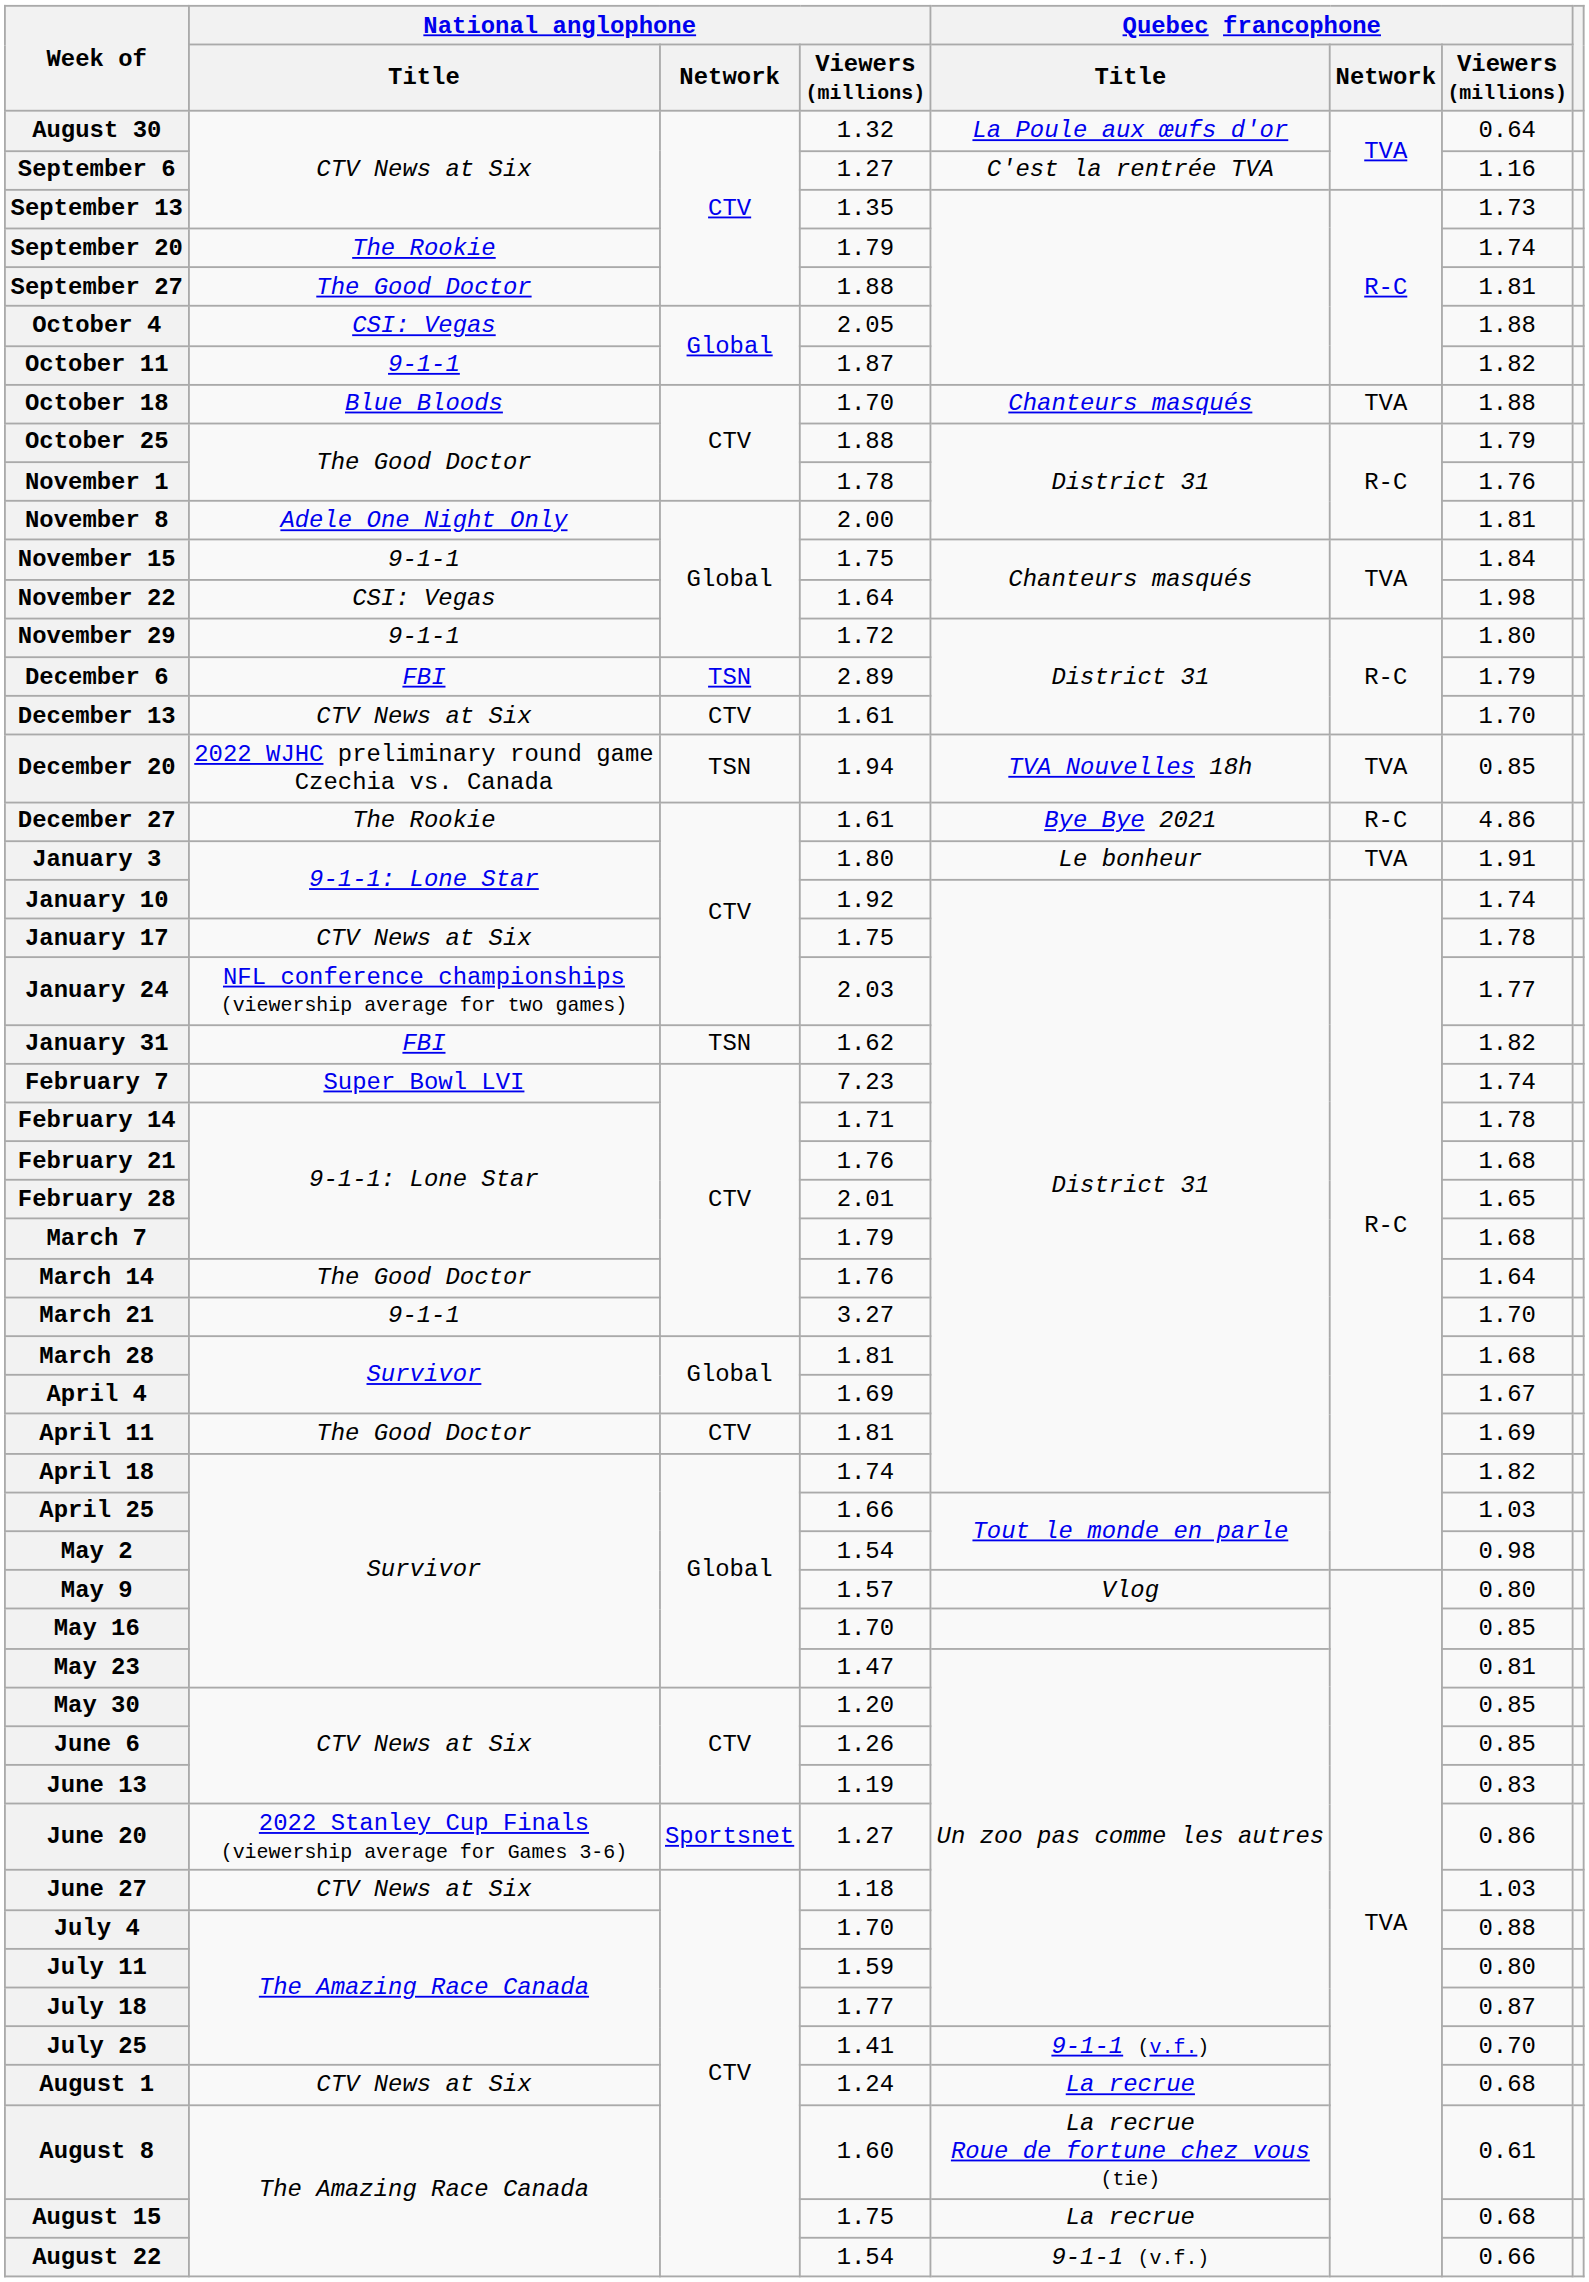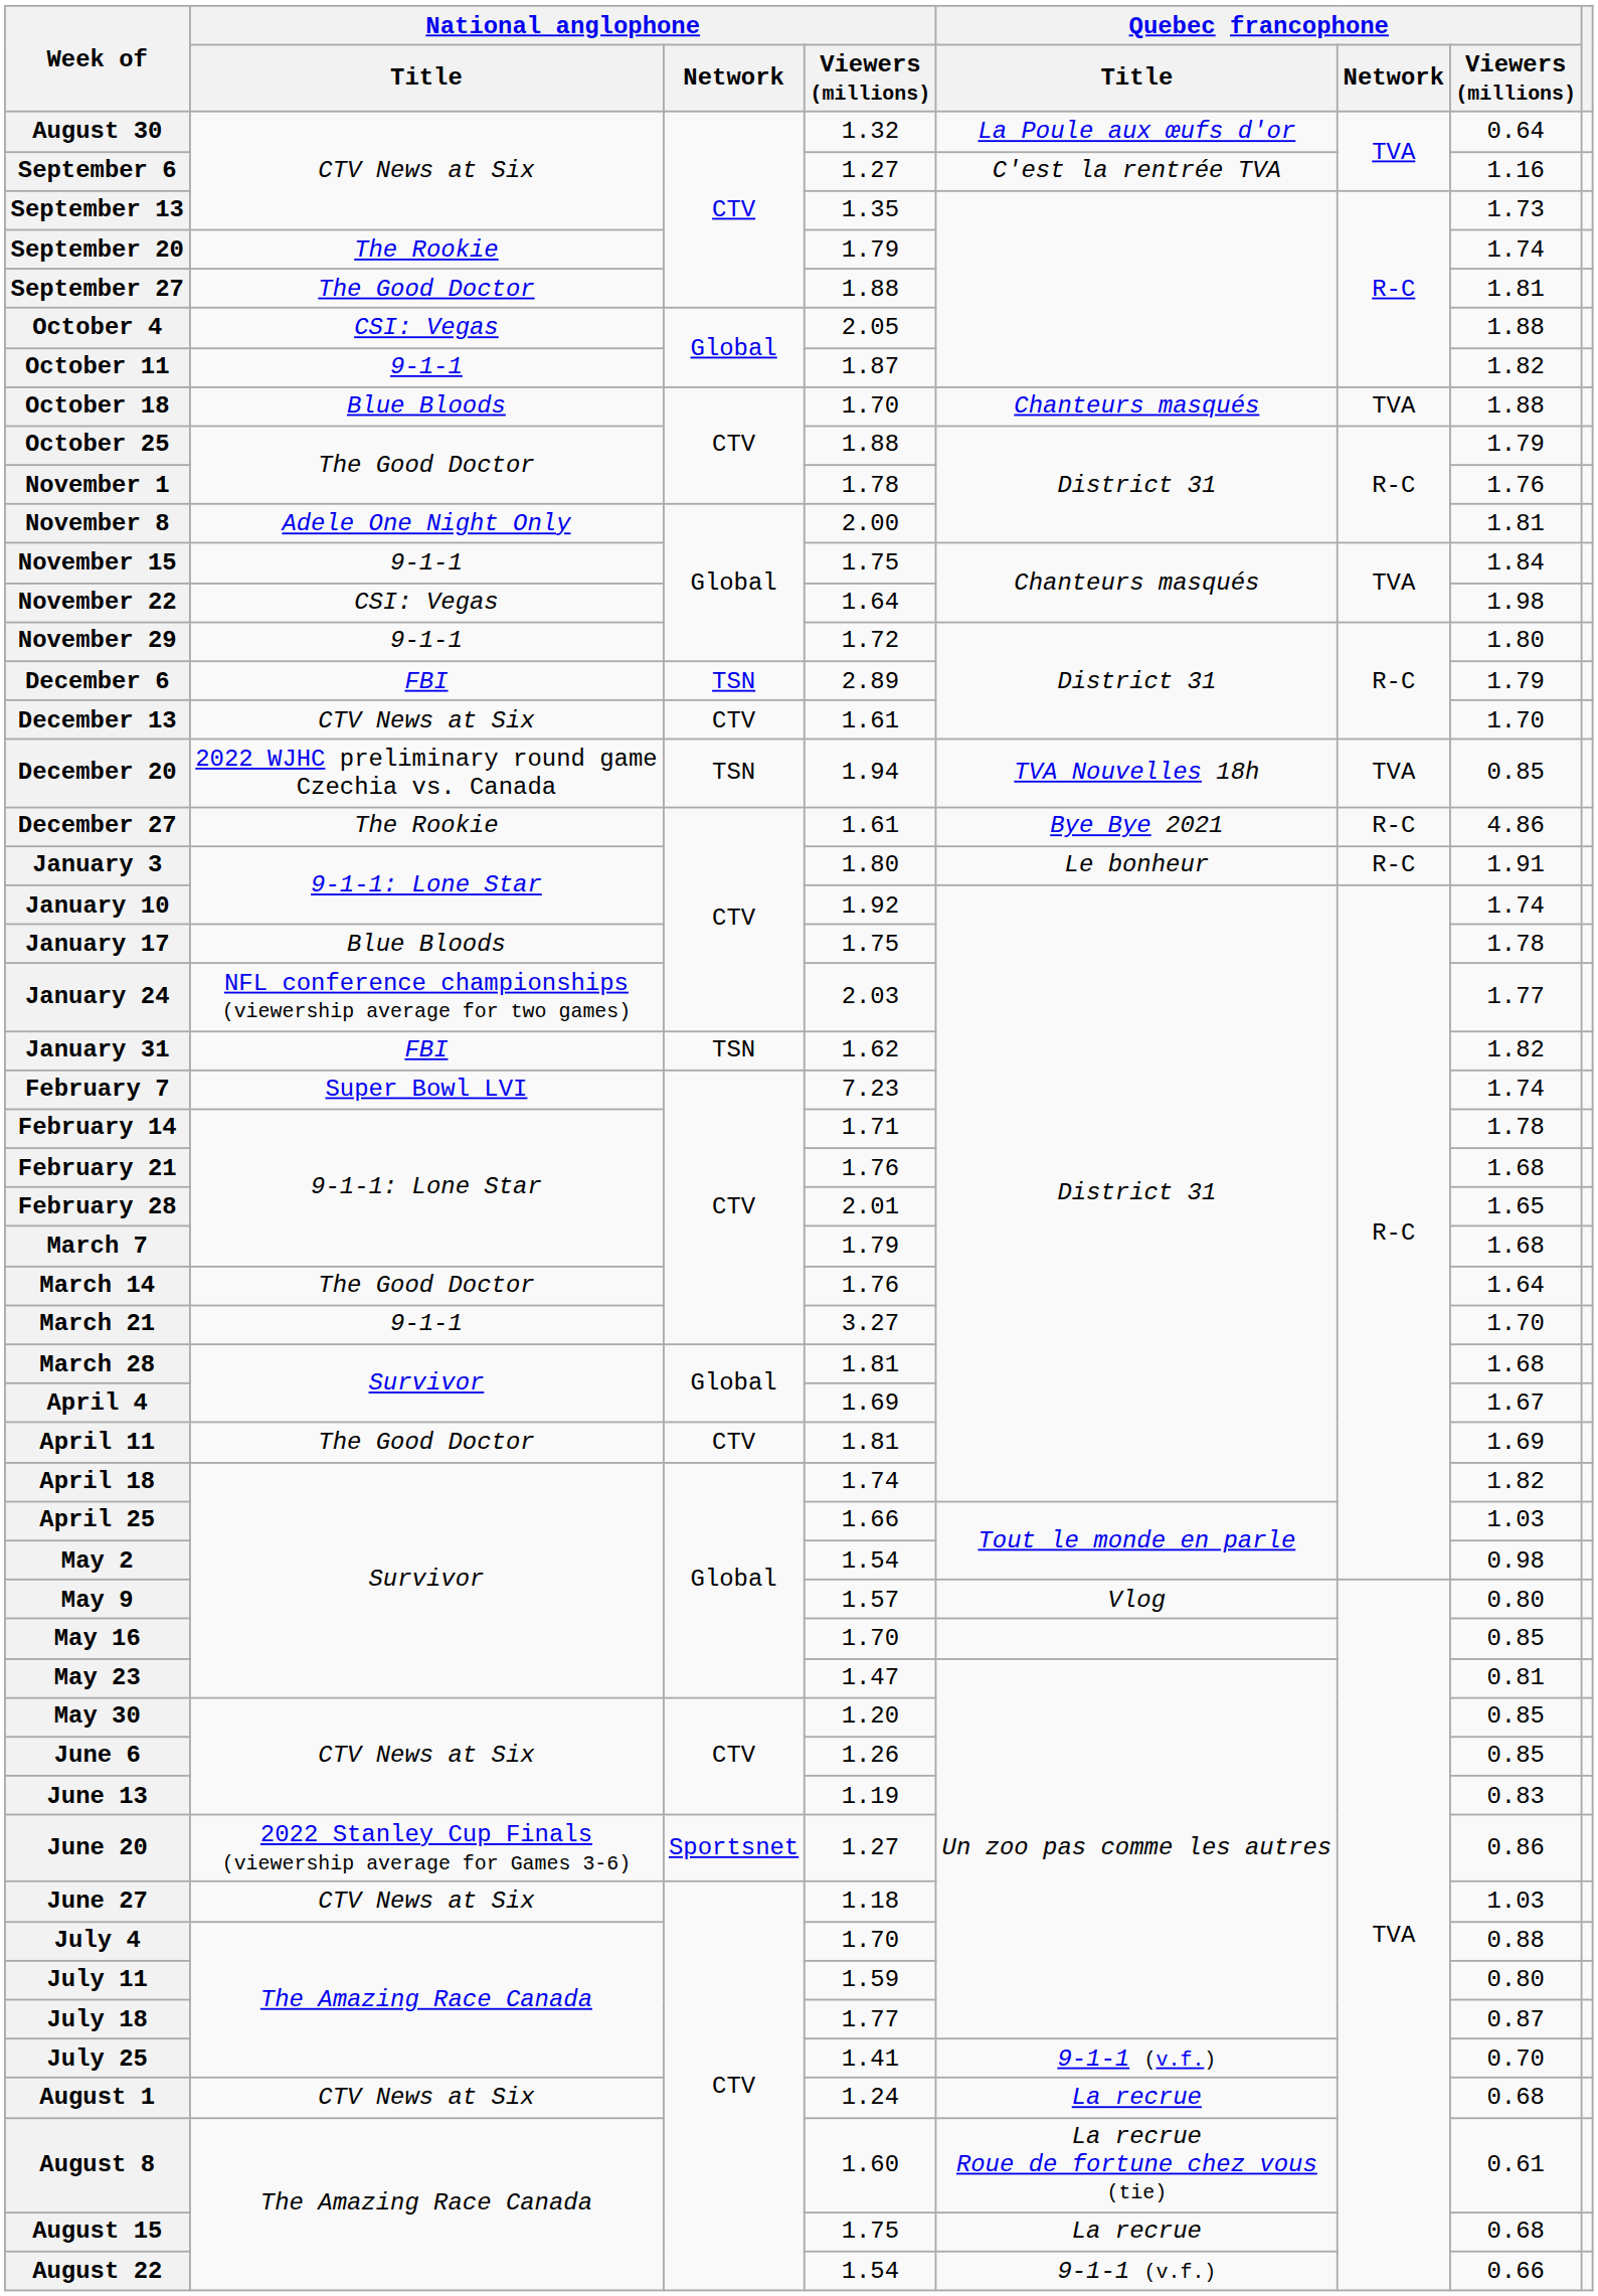 <table class="wikitable plainrowheaders" style="text-align: center; display: inline-table;">
 <tr>
 <th rowspan="2">Week of</th>
 <th colspan="3"><a href='#'>National anglophone</a></th>
 <th colspan="3"><a href='#'>Quebec</a> <a href='#'>francophone</a></th>
 <th rowspan="2"></th>
 </tr>
 <tr>
 <th>Title</th>
 <th>Network</th>
 <th>Viewers<br><small>(millions)</small></th>
 <th>Title</th>
 <th>Network</th>
 <th>Viewers<br><small>(millions)</small></th>
 </tr>
 <tr>
 <th scope="row">August 30</th>
 <td rowspan="3"><em>CTV News at Six</em></td>
 <td rowspan="5"><a href='#'>CTV</a></td>
 <td>1.32</td>
 <td><em><a href='#'>La Poule aux œufs d'or</a></em></td>
 <td rowspan="2"><a href='#'>TVA</a></td>
 <td>0.64</td>
 <td></td>
 </tr>
 <tr>
 <th scope="row">September 6</th>
 <td>1.27</td>
 <td><em>C'est la rentrée TVA</em></td>
 <td>1.16</td>
 <td></td>
 </tr>
 <tr>
 <th scope="row">September 13</th>
 <td>1.35</td>
 <td rowspan=5><em></em></td>
 <td rowspan=5><a href='#'>R-C</a></td>
 <td>1.73</td>
 <td></td>
 </tr>
 <tr>
 <th scope="row">September 20</th>
 <td><em><a href='#'>The Rookie</a></em></td>
 <td>1.79</td>
 <td>1.74</td>
 <td></td>
 </tr>
 <tr>
 <th scope="row">September 27</th>
 <td><em><a href='#'>The Good Doctor</a></em></td>
 <td>1.88</td>
 <td>1.81</td>
 <td></td>
 </tr>
 <tr>
 <th scope="row">October 4</th>
 <td><em><a href='#'>CSI: Vegas</a></em></td>
 <td rowspan="2"><a href='#'>Global</a></td>
 <td>2.05</td>
 <td>1.88</td>
 <td></td>
 </tr>
 <tr>
 <th scope="row">October 11</th>
 <td><em><a href='#'>9-1-1</a></em></td>
 <td>1.87</td>
 <td>1.82</td>
 <td></td>
 </tr>
 <tr>
 <th scope="row">October 18</th>
 <td><em><a href='#'>Blue Bloods</a></em></td>
 <td rowspan="3">CTV</td>
 <td>1.70</td>
 <td><em><a href='#'>Chanteurs masqués</a></em></td>
 <td>TVA</td>
 <td>1.88</td>
 <td></td>
 </tr>
 <tr>
 <th scope="row">October 25</th>
 <td rowspan="2"><em>The Good Doctor</em></td>
 <td>1.88</td>
 <td rowspan="3"><em>District 31</em></td>
 <td rowspan="3">R-C</td>
 <td>1.79</td>
 <td></td>
 </tr>
 <tr>
 <th scope="row">November 1</th>
 <td>1.78</td>
 <td>1.76</td>
 <td></td>
 </tr>
 <tr>
 <th scope="row">November 8</th>
 <td><em><a href='#'>Adele One Night Only</a></em></td>
 <td rowspan="4">Global</td>
 <td>2.00</td>
 <td>1.81</td>
 <td></td>
 </tr>
 <tr>
 <th scope="row">November 15</th>
 <td><em>9-1-1</em></td>
 <td>1.75</td>
 <td rowspan="2"><em>Chanteurs masqués</em></td>
 <td rowspan="2">TVA</td>
 <td>1.84</td>
 <td></td>
 </tr>
 <tr>
 <th scope="row">November 22</th>
 <td><em>CSI: Vegas</em></td>
 <td>1.64</td>
 <td>1.98</td>
 <td></td>
 </tr>
 <tr>
 <th scope="row">November 29</th>
 <td><em>9-1-1</em></td>
 <td>1.72</td>
 <td rowspan="3"><em>District 31</em></td>
 <td rowspan="3">R-C</td>
 <td>1.80</td>
 <td></td>
 </tr>
 <tr>
 <th scope="row">December 6</th>
 <td><em><a href='#'>FBI</a></em></td>
 <td><a href='#'>TSN</a></td>
 <td>2.89</td>
 <td>1.79</td>
 <td></td>
 </tr>
 <tr>
 <th scope="row">December 13</th>
 <td><em>CTV News at Six</em></td>
 <td>CTV</td>
 <td>1.61</td>
 <td>1.70</td>
 <td></td>
 </tr>
 <tr>
 <th scope="row">December 20</th>
 <td><a href='#'>2022 WJHC</a> preliminary round game<br>Czechia vs. Canada</td>
 <td>TSN</td>
 <td>1.94</td>
 <td><em><a href='#'>TVA Nouvelles</a> 18h</em></td>
 <td>TVA</td>
 <td>0.85</td>
 <td></td>
 </tr>
 <tr>
 <th scope="row">December 27</th>
 <td><em>The Rookie</em></td>
 <td rowspan="5">CTV</td>
 <td>1.61</td>
 <td><em><a href='#'>Bye Bye</a> 2021</em></td>
 <td>R-C</td>
 <td>4.86</td>
 <td></td>
 </tr>
 <tr>
 <th scope="row">January 3</th>
 <td rowspan="2"><em><a href='#'>9-1-1: Lone Star</a></em></td>
 <td>1.80</td>
 <td><em>Le bonheur</em></td>
-<td>TVA</td>
+<td>R-C</td>
 <td>1.91</td>
 <td></td>
 </tr>
 <tr>
 <th scope="row">January 10</th>
 <td>1.92</td>
 <td rowspan="15"><em>District 31</em></td>
 <td rowspan="17">R-C</td>
 <td>1.74</td>
 <td></td>
 </tr>
 <tr>
 <th scope="row">January 17</th>
-<td><em>CTV News at Six</em></td>
+<td><em>Blue Bloods</em></td>
 <td>1.75</td>
 <td>1.78</td>
 <td></td>
 </tr>
 <tr>
 <th scope="row">January 24</th>
 <td><a href='#'>NFL conference championships</a><br><small>(viewership average for two games)</small></td>
 <td>2.03</td>
 <td>1.77</td>
 <td></td>
 </tr>
 <tr>
 <th scope="row">January 31</th>
 <td><em><a href='#'>FBI</a></em></td>
 <td>TSN</td>
 <td>1.62</td>
 <td>1.82</td>
 <td></td>
 </tr>
 <tr>
 <th scope="row">February 7</th>
 <td><a href='#'>Super Bowl LVI</a></td>
 <td rowspan="7">CTV</td>
 <td>7.23</td>
 <td>1.74</td>
 <td></td>
 </tr>
 <tr>
 <th scope="row">February 14</th>
 <td rowspan="4"><em>9-1-1: Lone Star</em></td>
 <td>1.71</td>
 <td>1.78</td>
 <td></td>
 </tr>
 <tr>
 <th scope="row">February 21</th>
 <td>1.76</td>
 <td>1.68</td>
 <td></td>
 </tr>
 <tr>
 <th scope="row">February 28</th>
 <td>2.01</td>
 <td>1.65</td>
 <td></td>
 </tr>
 <tr>
 <th scope="row">March 7</th>
 <td>1.79</td>
 <td>1.68</td>
 <td></td>
 </tr>
 <tr>
 <th scope="row">March 14</th>
 <td><em>The Good Doctor</em></td>
 <td>1.76</td>
 <td>1.64</td>
 <td></td>
 </tr>
 <tr>
 <th scope="row">March 21</th>
 <td><em>9-1-1</em></td>
 <td>3.27</td>
 <td>1.70</td>
 <td></td>
 </tr>
 <tr>
 <th scope="row">March 28</th>
 <td rowspan="2"><em><a href='#'>Survivor</a></em></td>
 <td rowspan="2">Global</td>
 <td>1.81</td>
 <td>1.68</td>
 <td></td>
 </tr>
 <tr>
 <th scope="row">April 4</th>
 <td>1.69</td>
 <td>1.67</td>
 <td></td>
 </tr>
 <tr>
 <th scope="row">April 11</th>
 <td><em>The Good Doctor</em></td>
 <td>CTV</td>
 <td>1.81</td>
 <td>1.69</td>
 <td></td>
 </tr>
 <tr>
 <th scope="row">April 18</th>
 <td rowspan="6"><em>Survivor</em></td>
 <td rowspan="6">Global</td>
 <td>1.74</td>
 <td>1.82</td>
 <td></td>
 </tr>
 <tr>
 <th scope="row">April 25</th>
 <td>1.66</td>
 <td rowspan="2"><em><a href='#'>Tout le monde en parle</a></em></td>
 <td>1.03</td>
 <td></td>
 </tr>
 <tr>
 <th scope="row">May 2</th>
 <td>1.54</td>
 <td>0.98</td>
 <td></td>
 </tr>
 <tr>
 <th scope="row">May 9</th>
 <td>1.57</td>
 <td><em>Vlog</em></td>
 <td rowspan="16">TVA</td>
 <td>0.80</td>
 <td></td>
 </tr>
 <tr>
 <th scope="row">May 16</th>
 <td>1.70</td>
 <td><em></em></td>
 <td>0.85</td>
 <td></td>
 </tr>
 <tr>
 <th scope="row">May 23</th>
 <td>1.47</td>
 <td rowspan="9"><em>Un zoo pas comme les autres</em></td>
 <td>0.81</td>
 <td></td>
 </tr>
 <tr>
 <th scope="row">May 30</th>
 <td rowspan="3"><em>CTV News at Six</em></td>
 <td rowspan="3">CTV</td>
 <td>1.20</td>
 <td>0.85</td>
 <td></td>
 </tr>
 <tr>
 <th scope="row">June 6</th>
 <td>1.26</td>
 <td>0.85</td>
 <td></td>
 </tr>
 <tr>
 <th scope="row">June 13</th>
 <td>1.19</td>
 <td>0.83</td>
 <td></td>
 </tr>
 <tr>
 <th scope="row">June 20</th>
 <td><a href='#'>2022 Stanley Cup Finals</a><br><small>(viewership average for Games 3-6)</small></td>
 <td><a href='#'>Sportsnet</a></td>
 <td>1.27</td>
 <td>0.86</td>
 <td></td>
 </tr>
 <tr>
 <th scope="row">June 27</th>
 <td><em>CTV News at Six</em></td>
 <td rowspan="9">CTV</td>
 <td>1.18</td>
 <td>1.03</td>
 <td></td>
 </tr>
 <tr>
 <th scope="row">July 4</th>
 <td rowspan="4"><em><a href='#'>The Amazing Race Canada</a></em></td>
 <td>1.70</td>
 <td>0.88</td>
 <td></td>
 </tr>
 <tr>
 <th scope="row">July 11</th>
 <td>1.59</td>
 <td>0.80</td>
 <td></td>
 </tr>
 <tr>
 <th scope="row">July 18</th>
 <td>1.77</td>
 <td>0.87</td>
 <td></td>
 </tr>
 <tr>
 <th scope="row">July 25</th>
 <td>1.41</td>
 <td><em><a href='#'>9-1-1</a></em> <small>(<a href='#'>v.f.</a>)</small></td>
 <td>0.70</td>
 <td></td>
 </tr>
 <tr>
 <th scope="row">August 1</th>
 <td><em>CTV News at Six</em></td>
 <td>1.24</td>
 <td><em><a href='#'>La recrue</a></em></td>
 <td>0.68</td>
 <td></td>
 </tr>
 <tr>
 <th scope="row">August 8</th>
 <td rowspan="3"><em>The Amazing Race Canada</em></td>
 <td>1.60</td>
 <td><em>La recrue</em><br><em><a href='#'>Roue de fortune chez vous</a></em><br><small>(tie)</small></td>
 <td>0.61</td>
 <td></td>
 </tr>
 <tr>
 <th scope="row">August 15</th>
 <td>1.75</td>
 <td><em>La recrue</em></td>
 <td>0.68</td>
 <td></td>
 </tr>
 <tr>
 <th scope="row">August 22</th>
 <td>1.54</td>
 <td><em>9-1-1</em> <small>(v.f.)</small></td>
 <td>0.66</td>
 <td></td>
 </tr>
 </table>
